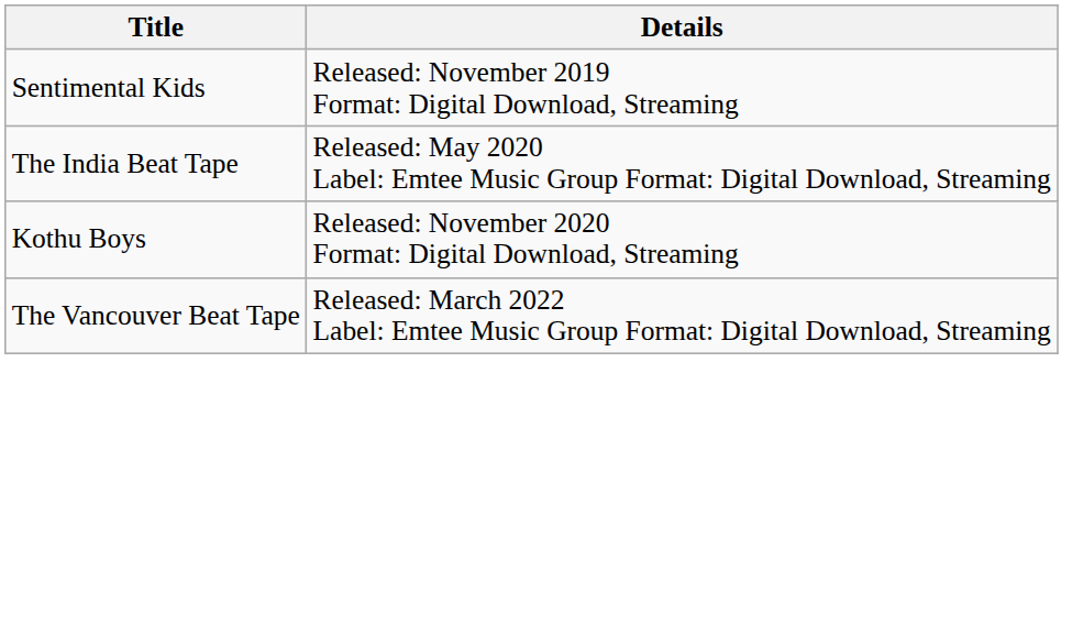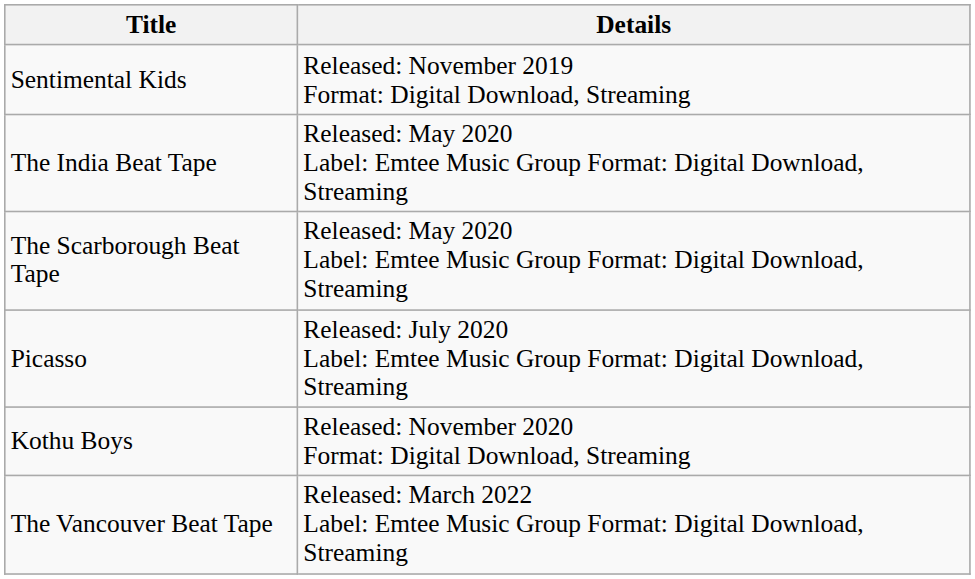 <table class="wikitable">
 <tr>
 <th><strong>Title</strong></th>
 <th><strong>Details</strong></th>
 </tr>
 <tr>
 <td>Sentimental Kids</td>
 <td>Released: November 2019<br>Format: Digital Download, Streaming</td>
 </tr>
 <tr>
 <td>The India Beat Tape</td>
 <td>Released: May 2020<br>Label: Emtee Music Group Format: Digital Download, Streaming</td>
 </tr>
 <tr>
+<td>The Scarborough Beat Tape</td>
+<td>Released: May 2020<br>Label: Emtee Music Group Format: Digital Download, Streaming</td>
+</tr>
+<tr>
+<td>Picasso</td>
+<td>Released: July 2020<br>Label: Emtee Music Group Format: Digital Download, Streaming</td>
+</tr>
+<tr>
 <td>Kothu Boys</td>
 <td>Released: November 2020<br>Format: Digital Download, Streaming</td>
 </tr>
 <tr>
 <td>The Vancouver Beat Tape</td>
 <td>Released: March 2022<br>Label: Emtee Music Group Format: Digital Download, Streaming</td>
 </tr>
 </table>
